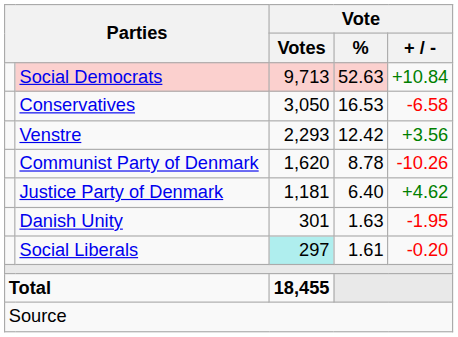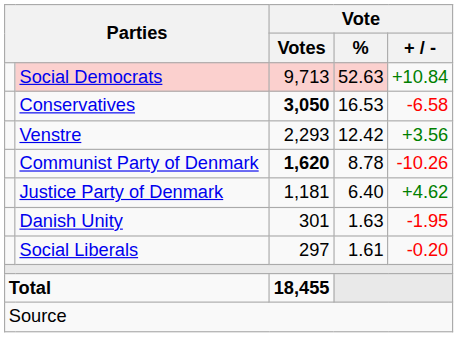 <table class="wikitable" style="text-align:right;">
 <tr>
 <th style="text-align:centre;" rowspan="2" colspan="2" width="225">Parties</th>
 <th colspan="3">Vote</th>
 </tr>
 <tr>
 <th width="15">Votes</th>
 <th width="15">%</th>
 <th width="15">+ / -</th>
 </tr>
 <tr>
 <td width="2" style="color:inherit;background:"></td>
 <td bgcolor=#fbd0ce  align="left"><a href='#'>Social Democrats</a></td>
 <td bgcolor=#fbd0ce>9,713</td>
 <td bgcolor=#fbd0ce>52.63</td>
 <td style=color:green;>+10.84</td>
 </tr>
 <tr>
 <td width="2" style="color:inherit;background:"></td>
 <td align="left"><a href='#'>Conservatives</a></td>
-<td>3,050</td>
+<td><strong>3,050</strong></td>
 <td>16.53</td>
 <td style=color:red;>-6.58</td>
 </tr>
 <tr>
 <td width="2" style="color:inherit;background:"></td>
 <td align="left"><a href='#'>Venstre</a></td>
 <td>2,293</td>
 <td>12.42</td>
 <td style=color:green;>+3.56</td>
 </tr>
 <tr>
 <td width="2" style="color:inherit;background:"></td>
 <td align="left"><a href='#'>Communist Party of Denmark</a></td>
-<td>1,620</td>
+<td><strong>1,620</strong></td>
 <td>8.78</td>
 <td style=color:red;>-10.26</td>
 </tr>
 <tr>
 <td width="2" style="color:inherit;background:"></td>
 <td align="left"><a href='#'>Justice Party of Denmark</a></td>
 <td>1,181</td>
 <td>6.40</td>
 <td style=color:green;>+4.62</td>
 </tr>
 <tr>
 <td width="2" style="color:inherit;background:"></td>
 <td align="left"><a href='#'>Danish Unity</a></td>
 <td>301</td>
 <td>1.63</td>
 <td style=color:red;>-1.95</td>
 </tr>
 <tr>
 <td width="2" style="color:inherit;background:"></td>
 <td align="left"><a href='#'>Social Liberals</a></td>
-<td style="background: paleturquoise;">297</td>
+<td>297</td>
 <td>1.61</td>
 <td style=color:red;>-0.20</td>
 </tr>
 <tr>
 <td colspan="7" bgcolor="#E9E9E9"></td>
 </tr>
 <tr>
 <td align="left" colspan="2"><strong>Total</strong></td>
 <td><strong>18,455</strong></td>
 <td bgcolor="#E9E9E9" colspan="2"></td>
 </tr>
 <tr>
 <td align="left" colspan="6">Source</td>
 </tr>
 </table>
